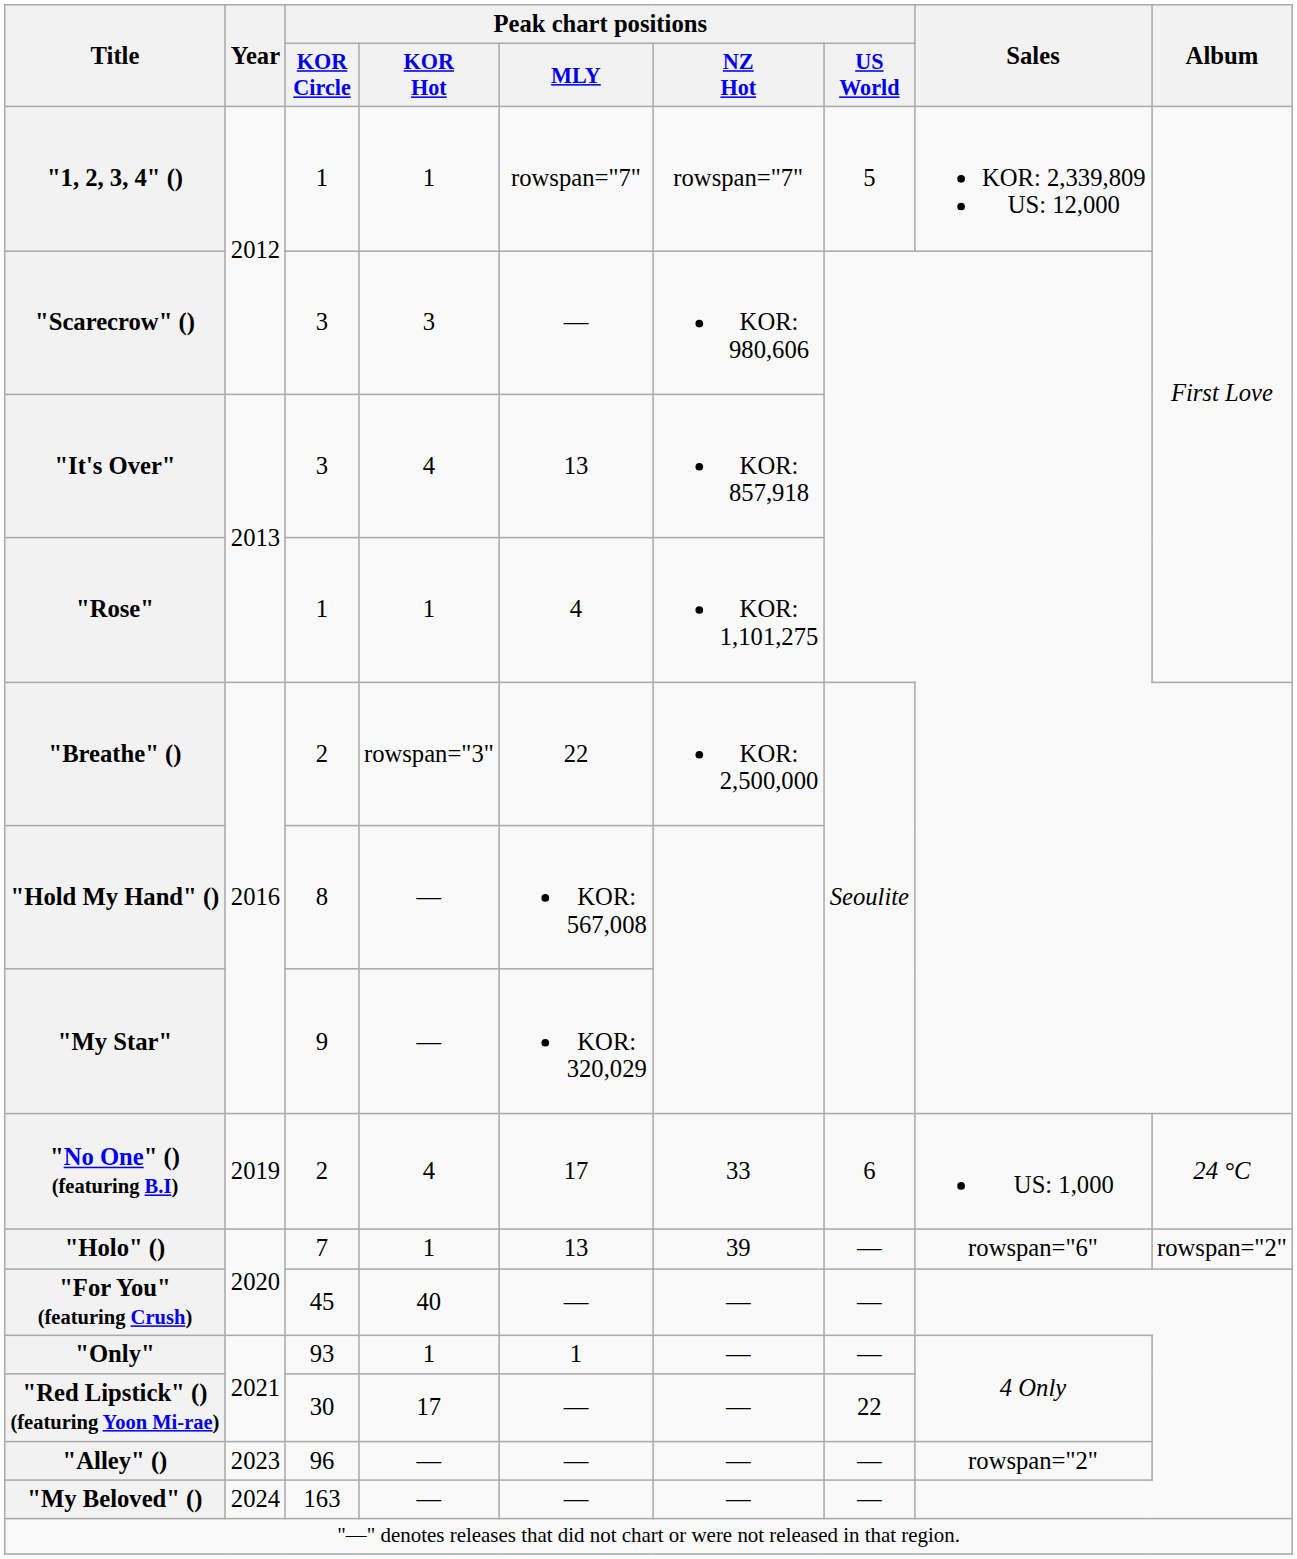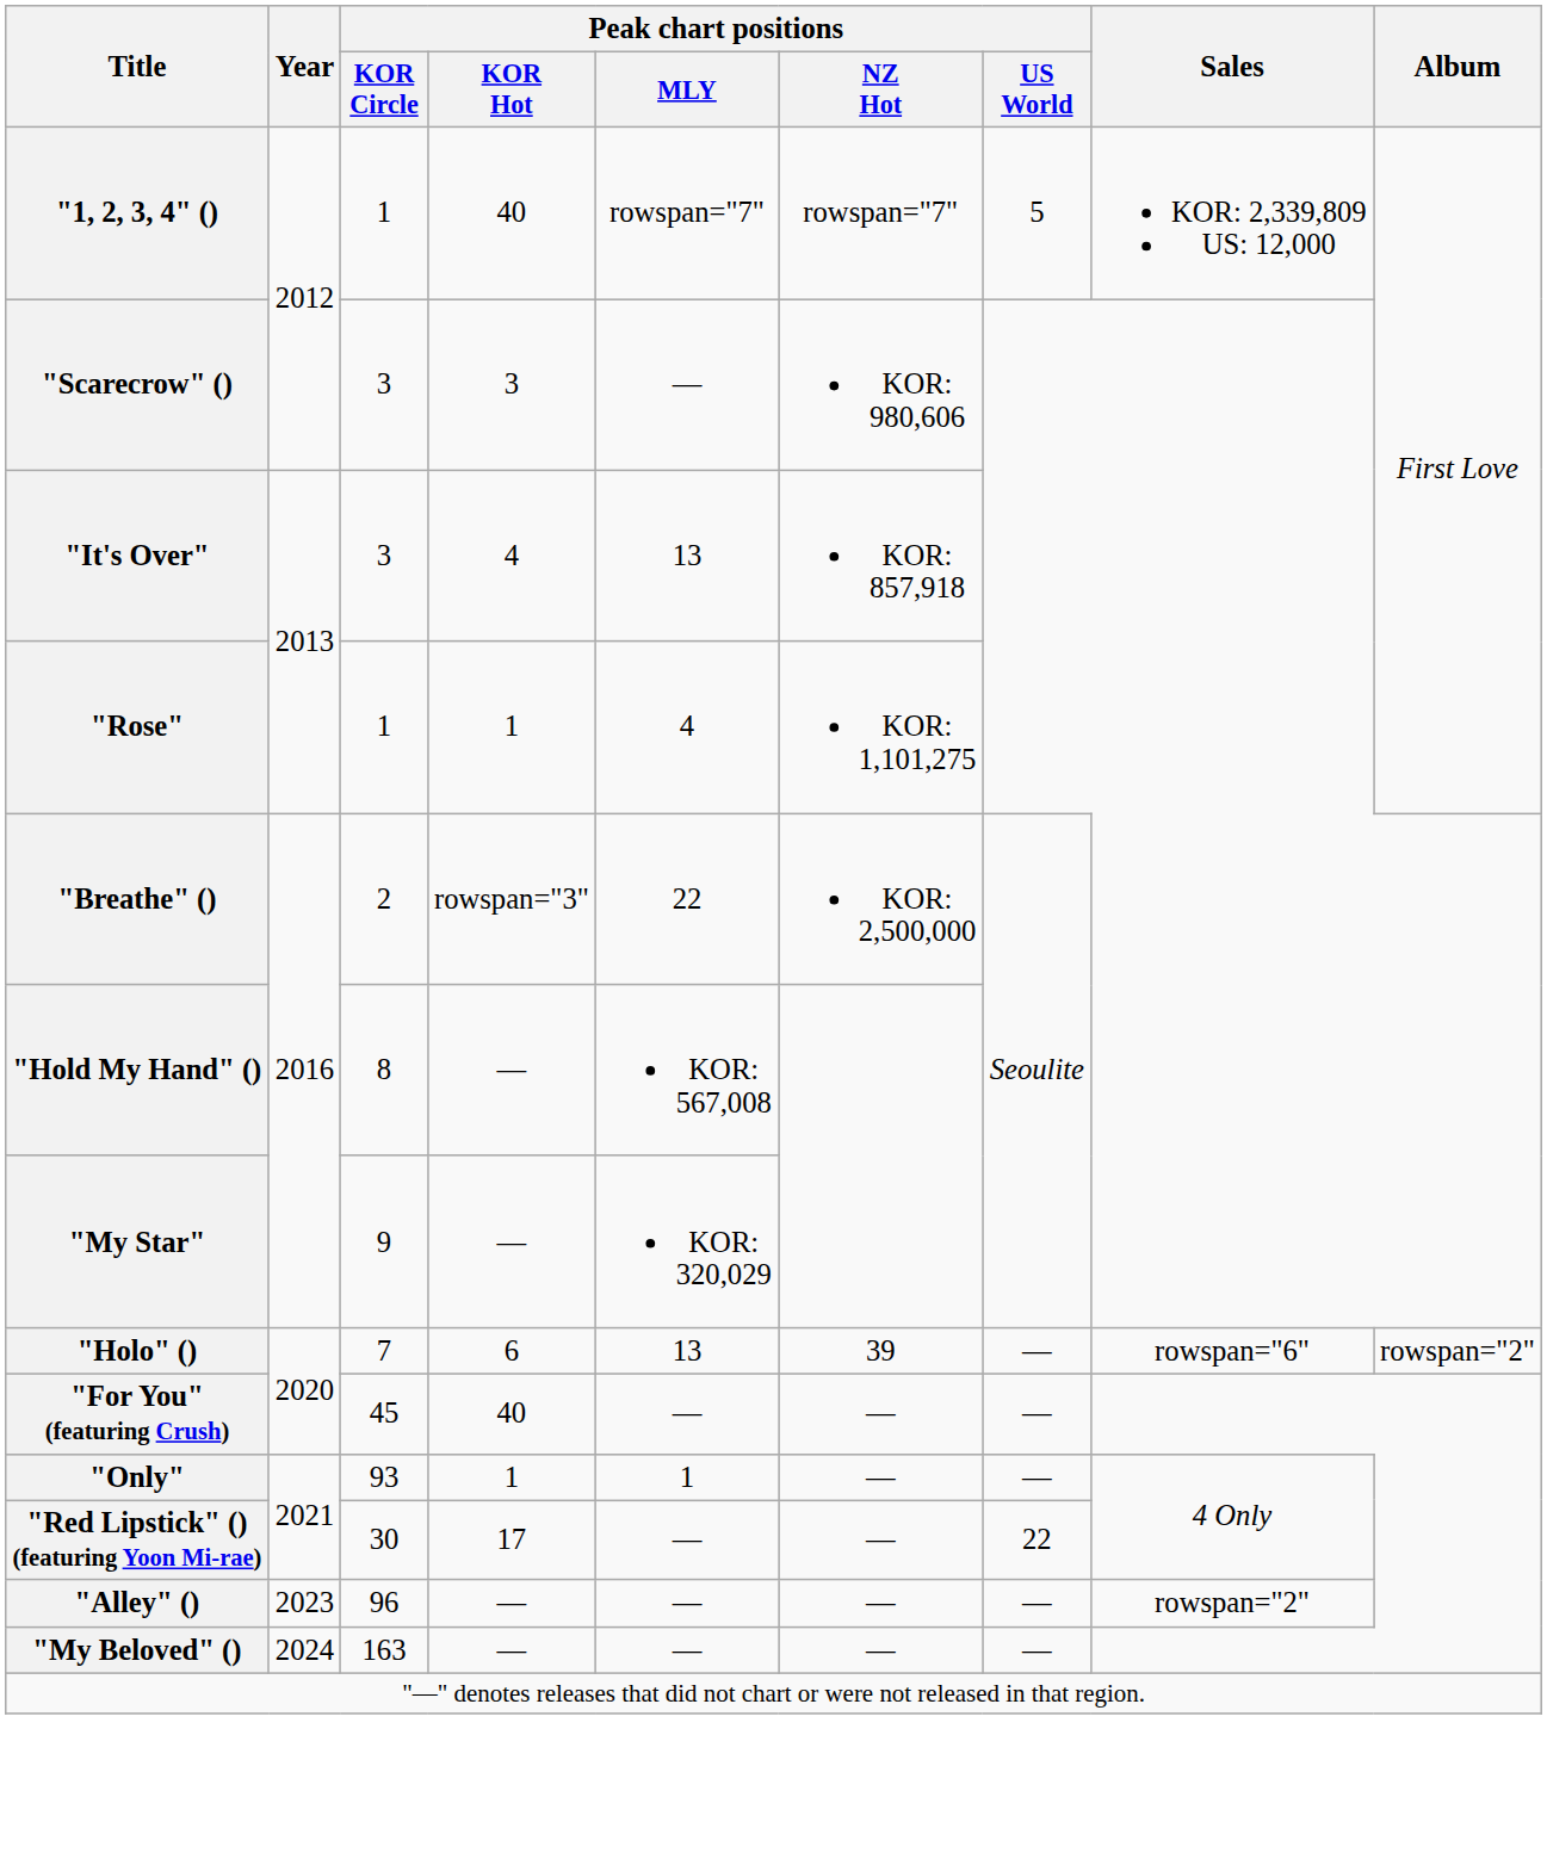 <table class="wikitable plainrowheaders" style="text-align:center;">
 <tr>
 <th scope="col" rowspan="2">Title</th>
 <th scope="col" rowspan="2">Year</th>
 <th scope="col" colspan="5">Peak chart positions</th>
 <th scope="col" rowspan="2">Sales</th>
 <th scope="col" rowspan="2">Album</th>
 </tr>
 <tr>
 <th scope="col" style="width:2.8em;font-size:90%;"><a href='#'>KOR<br>Circle</a><br></th>
 <th scope="col" style="width:2.8em;font-size:90%;"><a href='#'>KOR<br>Hot</a><br></th>
 <th scope="col" style="width:2.8em;font-size:90%;"><a href='#'>MLY</a><br></th>
 <th scope="col" style="width:2.8em;font-size:90%;"><a href='#'>NZ<br>Hot</a><br></th>
 <th scope="col" style="width:2.8em;font-size:90%;"><a href='#'>US<br>World</a><br></th>
 </tr>
 <tr>
 <th scope="row">"1, 2, 3, 4" ()</th>
 <td rowspan="2">2012</td>
 <td>1</td>
-<td>1</td>
+<td>40</td>
 <td>rowspan="7" </td>
 <td>rowspan="7" </td>
 <td>5</td>
 <td><br><ul><li>KOR: 2,339,809</li><li>US: 12,000</li></ul></td>
 <td rowspan="4"><em>First Love</em></td>
 </tr>
 <tr>
 <th scope="row">"Scarecrow" ()</th>
 <td>3</td>
 <td>3</td>
 <td>—</td>
 <td><br><ul><li>KOR: 980,606</li></ul></td>
 </tr>
 <tr>
 <th scope="row">"It's Over"</th>
 <td rowspan="2">2013</td>
 <td>3</td>
 <td>4</td>
 <td>13</td>
 <td><br><ul><li>KOR: 857,918</li></ul></td>
 </tr>
 <tr>
 <th scope="row">"Rose"</th>
 <td>1</td>
 <td>1</td>
 <td>4</td>
 <td><br><ul><li>KOR: 1,101,275</li></ul></td>
 </tr>
 <tr>
 <th scope="row">"Breathe" ()</th>
 <td rowspan="3">2016</td>
 <td>2</td>
 <td>rowspan="3" </td>
 <td>22</td>
 <td><br><ul><li>KOR: 2,500,000</li></ul></td>
 <td rowspan="3"><em>Seoulite</em></td>
 </tr>
 <tr>
 <th scope="row">"Hold My Hand" ()</th>
 <td>8</td>
 <td>—</td>
 <td><br><ul><li>KOR: 567,008</li></ul></td>
 </tr>
 <tr>
 <th scope="row">"My Star"</th>
 <td>9</td>
 <td>—</td>
 <td><br><ul><li>KOR: 320,029</li></ul></td>
 </tr>
 <tr>
-<th scope="row">"<a href='#'>No One</a>" ()<br><small>(featuring <a href='#'>B.I</a>)</small></th>
-<td>2019</td>
-<td>2</td>
-<td>4</td>
-<td>17</td>
-<td>33</td>
-<td>6</td>
-<td><br><ul><li>US: 1,000</li></ul></td>
-<td><em>24 °C</em></td>
-</tr>
-<tr>
 <th scope="row">"Holo" ()</th>
 <td rowspan="2">2020</td>
 <td>7</td>
-<td>1</td>
+<td>6</td>
 <td>13</td>
 <td>39</td>
 <td>—</td>
 <td>rowspan="6" </td>
 <td>rowspan="2" </td>
 </tr>
 <tr>
 <th scope="row">"For You" <small><br>(featuring <a href='#'>Crush</a>)</small></th>
 <td>45</td>
 <td>40</td>
 <td>—</td>
 <td>—</td>
 <td>—</td>
 </tr>
 <tr>
 <th scope="row">"Only"</th>
 <td rowspan="2">2021</td>
 <td>93</td>
 <td>1</td>
 <td>1</td>
 <td>—</td>
 <td>—</td>
 <td rowspan="2"><em>4 Only</em></td>
 </tr>
 <tr>
 <th scope="row">"Red Lipstick" ()<br><small>(featuring <a href='#'>Yoon Mi-rae</a>)</small></th>
 <td>30</td>
 <td>17</td>
 <td>—</td>
 <td>—</td>
 <td>22</td>
 </tr>
 <tr>
 <th scope="row">"Alley" ()<br></th>
 <td>2023</td>
 <td>96</td>
 <td>—</td>
 <td>—</td>
 <td>—</td>
 <td>—</td>
 <td>rowspan="2" </td>
 </tr>
 <tr>
 <th scope="row">"My Beloved" ()</th>
 <td>2024</td>
 <td>163</td>
 <td>—</td>
 <td>—</td>
 <td>—</td>
 <td>—</td>
 </tr>
 <tr>
 <td colspan="9" style="font-size:85%">"—" denotes releases that did not chart or were not released in that region.</td>
 </tr>
 </table>
